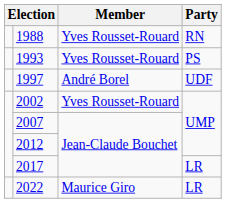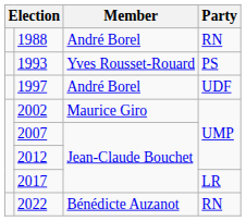 <table class="wikitable">
 <tr>
 <th colspan=2>Election</th>
 <th>Member</th>
 <th>Party</th>
 </tr>
 <tr>
 <td style="background-color: "></td>
 <td><a href='#'>1988</a></td>
-<td><a href='#'>Yves Rousset-Rouard</a></td>
+<td><a href='#'>André Borel</a></td>
 <td><a href='#'>RN</a></td>
 </tr>
 <tr>
 <td style="background-color: "></td>
 <td><a href='#'>1993</a></td>
 <td><a href='#'>Yves Rousset-Rouard</a></td>
 <td><a href='#'>PS</a></td>
 </tr>
 <tr>
 <td style="background-color: "></td>
 <td><a href='#'>1997</a></td>
 <td><a href='#'>André Borel</a></td>
 <td><a href='#'>UDF</a></td>
 </tr>
 <tr>
 <td rowspan="4" style="background-color: "></td>
 <td><a href='#'>2002</a></td>
-<td><a href='#'>Yves Rousset-Rouard</a></td>
+<td><a href='#'>Maurice Giro</a></td>
 <td rowspan="3"><a href='#'>UMP</a></td>
 </tr>
 <tr>
 <td><a href='#'>2007</a></td>
 <td rowspan="3"><a href='#'>Jean-Claude Bouchet</a></td>
 </tr>
 <tr>
 <td><a href='#'>2012</a></td>
 </tr>
 <tr>
 <td><a href='#'>2017</a></td>
 <td><a href='#'>LR</a></td>
 </tr>
 <tr>
 <td style="background-color: "></td>
 <td><a href='#'>2022</a></td>
-<td><a href='#'>Maurice Giro</a></td>
-<td><a href='#'>LR</a></td>
+<td><a href='#'>Bénédicte Auzanot</a></td>
+<td><a href='#'>RN</a></td>
 </tr>
 </table>
